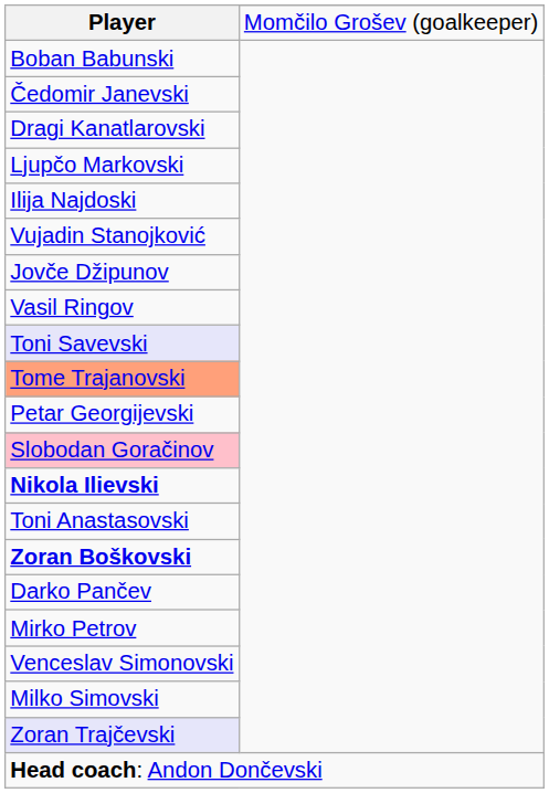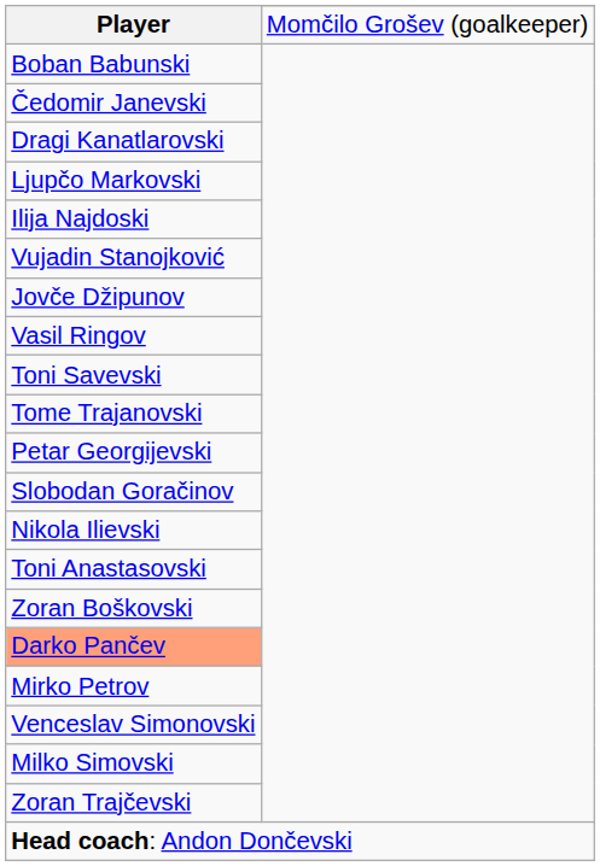 <table class="wikitable sortable">
 <tr>
 <th rowspan=2>Player</th>
 </tr>
 <tr>
 <td><a href='#'>Momčilo Grošev</a> (goalkeeper)</td>
 </tr>
 <tr>
 <td><a href='#'>Boban Babunski</a></td>
 </tr>
 <tr>
 <td><a href='#'>Čedomir Janevski</a></td>
 </tr>
 <tr>
 <td><a href='#'>Dragi Kanatlarovski</a></td>
 </tr>
 <tr>
 <td><a href='#'>Ljupčo Markovski</a></td>
 </tr>
 <tr>
 <td><a href='#'>Ilija Najdoski</a></td>
 </tr>
 <tr>
 <td><a href='#'>Vujadin Stanojković</a></td>
 </tr>
 <tr>
 <td><a href='#'>Jovče Džipunov</a></td>
 </tr>
 <tr>
 <td><a href='#'>Vasil Ringov</a></td>
 </tr>
 <tr>
-<td style="background: lavender;"><a href='#'>Toni Savevski</a></td>
+<td><a href='#'>Toni Savevski</a></td>
 </tr>
 <tr>
-<td style="background: lightsalmon;"><a href='#'>Tome Trajanovski</a></td>
+<td><a href='#'>Tome Trajanovski</a></td>
 </tr>
 <tr>
 <td><a href='#'>Petar Georgijevski</a></td>
 </tr>
 <tr>
-<td style="background: pink;"><a href='#'>Slobodan Goračinov</a></td>
+<td><a href='#'>Slobodan Goračinov</a></td>
 </tr>
 <tr>
-<td><strong><a href='#'>Nikola Ilievski</a></strong></td>
+<td><a href='#'>Nikola Ilievski</a></td>
 </tr>
 <tr>
 <td><a href='#'>Toni Anastasovski</a></td>
 </tr>
 <tr>
-<td><strong><a href='#'>Zoran Boškovski</a></strong></td>
+<td><a href='#'>Zoran Boškovski</a></td>
 </tr>
 <tr>
-<td><a href='#'>Darko Pančev</a></td>
+<td style="background: lightsalmon;"><a href='#'>Darko Pančev</a></td>
 </tr>
 <tr>
 <td><a href='#'>Mirko Petrov</a></td>
 </tr>
 <tr>
 <td><a href='#'>Venceslav Simonovski</a></td>
 </tr>
 <tr>
 <td><a href='#'>Milko Simovski</a></td>
 </tr>
 <tr>
-<td style="background: lavender;"><a href='#'>Zoran Trajčevski</a></td>
+<td><a href='#'>Zoran Trajčevski</a></td>
 </tr>
 <tr class="sortbottom">
 <td colspan=3><strong>Head coach</strong>: <a href='#'>Andon Dončevski</a></td>
 </tr>
 </table>
